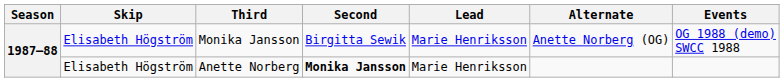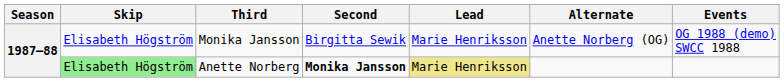 <table class="wikitable">
 <tr>
 <th scope="col">Season</th>
 <th scope="col">Skip</th>
 <th scope="col">Third</th>
 <th scope="col">Second</th>
 <th scope="col">Lead</th>
 <th scope="col">Alternate</th>
 <th scope="col">Events</th>
 </tr>
 <tr>
 <th scope="row" rowspan=2>1987–88</th>
 <td><a href='#'>Elisabeth Högström</a></td>
 <td>Monika Jansson</td>
 <td><a href='#'>Birgitta Sewik</a></td>
 <td><a href='#'>Marie Henriksson</a></td>
 <td><a href='#'>Anette Norberg</a> (OG)</td>
 <td><a href='#'>OG 1988 (demo)</a> <br><a href='#'>SWCC</a> 1988 </td>
 </tr>
 <tr>
-<td>Elisabeth Högström</td>
+<td style="background: lightgreen;">Elisabeth Högström</td>
 <td>Anette Norberg</td>
 <td><strong>Monika Jansson</strong></td>
-<td>Marie Henriksson</td>
+<td style="background: khaki;">Marie Henriksson</td>
 <td></td>
 <td> </td>
 </tr>
 </table>
